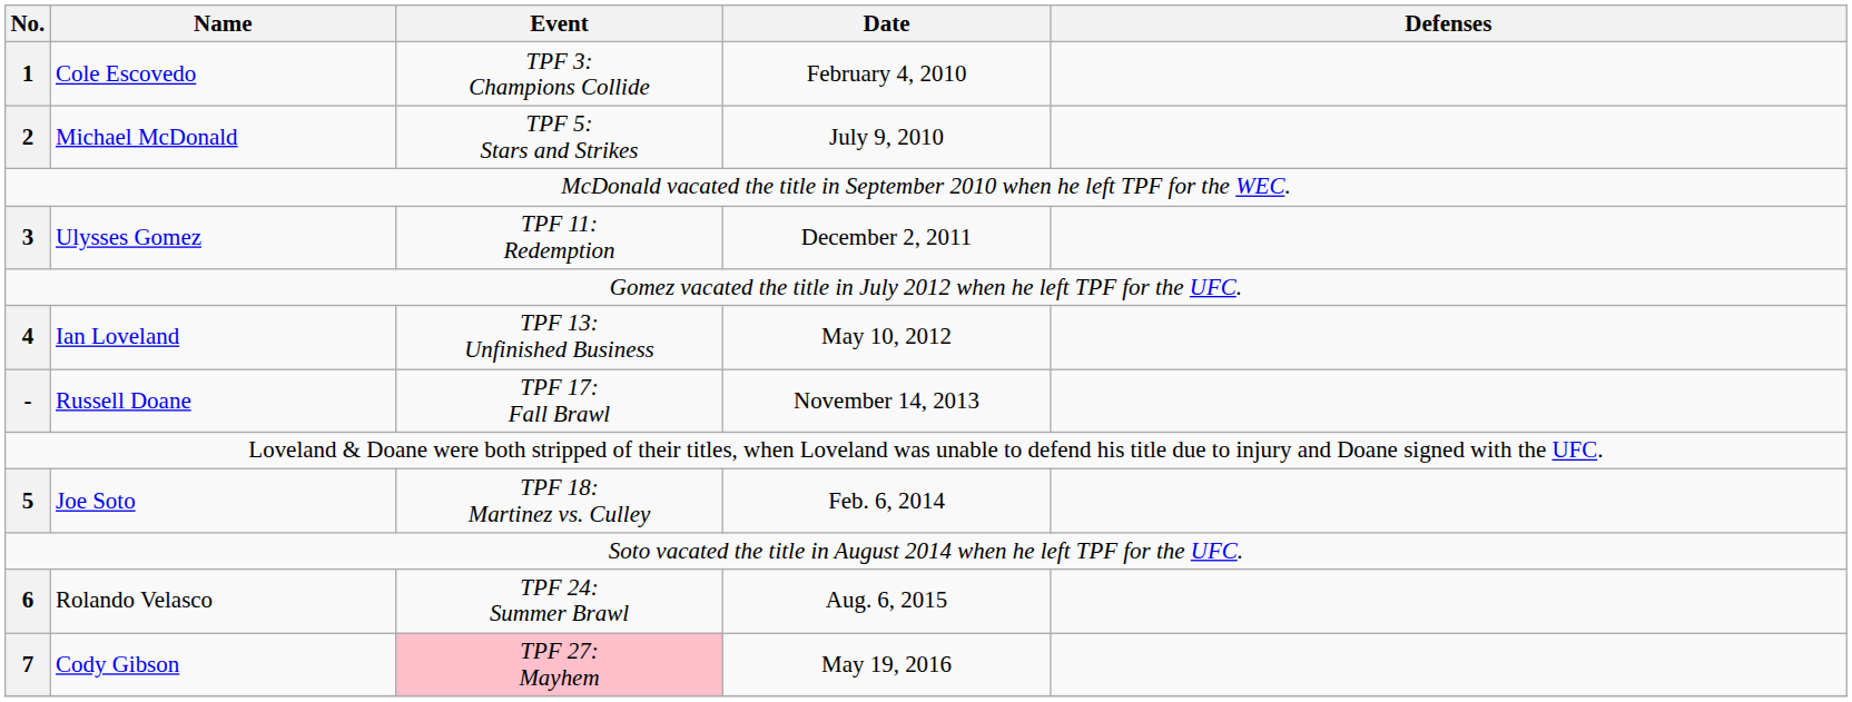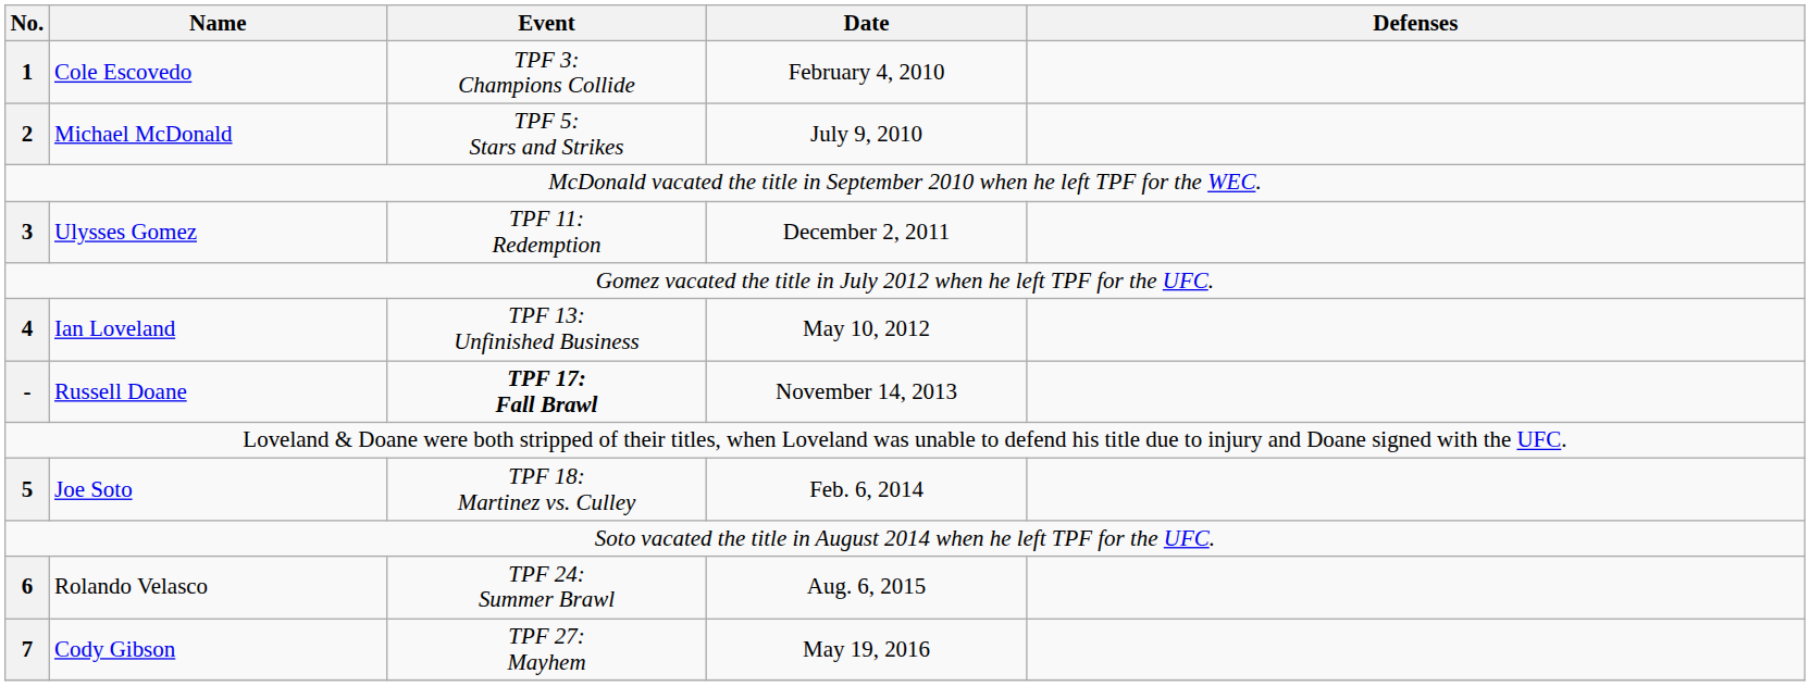 <table class="wikitable" width=100%>
 <tr>
 <th width=1%>No.</th>
 <th width=19%>Name</th>
 <th width=18%>Event</th>
 <th width=18%>Date</th>
 <th width=44%>Defenses</th>
 </tr>
 <tr>
 <th>1</th>
 <td align=left> <a href='#'>Cole Escovedo</a><br></td>
 <td align=center><em>TPF 3:</em><br><em>Champions Collide</em><br></td>
 <td align=center>February 4, 2010</td>
 <td></td>
 </tr>
 <tr>
 <th>2</th>
 <td align=left> <a href='#'>Michael McDonald</a></td>
 <td align=center><em>TPF 5:</em><br><em>Stars and Strikes</em><br></td>
 <td align=center>July 9, 2010</td>
 <td></td>
 </tr>
 <tr>
 <td align="center" colspan="5"><em>McDonald vacated the title in September 2010 when he left TPF for the <a href='#'>WEC</a>.</em></td>
 </tr>
 <tr>
 <th>3</th>
 <td align=left> <a href='#'>Ulysses Gomez</a><br></td>
 <td align=center><em>TPF 11:</em><br><em>Redemption</em><br></td>
 <td align=center>December 2, 2011</td>
 <td></td>
 </tr>
 <tr>
 <td align="center" colspan="5"><em>Gomez vacated the title in July 2012 when he left TPF for the <a href='#'>UFC</a>.</em></td>
 </tr>
 <tr>
 <th>4</th>
 <td align=left> <a href='#'>Ian Loveland</a><br></td>
 <td align=center><em>TPF 13:</em><br><em>Unfinished Business</em><br></td>
 <td align=center>May 10, 2012</td>
 <td><br></td>
 </tr>
 <tr>
 <th>-</th>
 <td align=left> <a href='#'>Russell Doane</a><br></td>
-<td align=center><em>TPF 17:</em><br><em>Fall Brawl</em><br></td>
+<td align=center><strong><em>TPF 17:</em><br><em>Fall Brawl</em><br></strong></td>
 <td align=center>November 14, 2013</td>
 <td></td>
 </tr>
 <tr>
 <td align="center" colspan="5">Loveland & Doane were both stripped of their titles, when Loveland was unable to defend his title due to injury and Doane signed with the <a href='#'>UFC</a>.</td>
 </tr>
 <tr>
 <th>5</th>
 <td align=left> <a href='#'>Joe Soto</a><br></td>
 <td align=center><em>TPF 18:</em><br><em>Martinez vs. Culley</em><br></td>
 <td align=center>Feb. 6, 2014</td>
 <td><br></td>
 </tr>
 <tr>
 <td align="center" colspan="5"><em>Soto vacated the title in August 2014 when he left TPF for the <a href='#'>UFC</a>.</em></td>
 </tr>
 <tr>
 <th>6</th>
 <td align=left> Rolando Velasco<br></td>
 <td align=center><em>TPF 24:</em><br><em>Summer Brawl</em><br></td>
 <td align=center>Aug. 6, 2015</td>
 <td></td>
 </tr>
 <tr>
 <th>7</th>
 <td align=left> <a href='#'>Cody Gibson</a><br></td>
-<td align=center style="background: pink;"><em>TPF 27:</em><br><em>Mayhem</em><br></td>
+<td align=center><em>TPF 27:</em><br><em>Mayhem</em><br></td>
 <td align=center>May 19, 2016</td>
 <td></td>
 </tr>
 <tr>
 </tr>
 </table>
